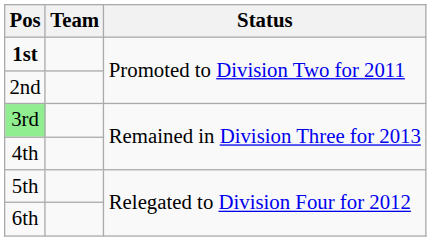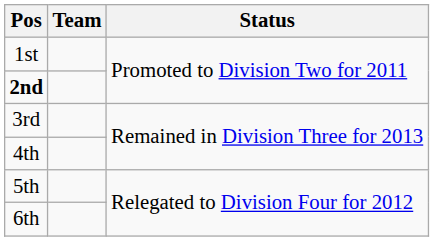 <table class="wikitable">
 <tr>
 <th>Pos</th>
 <th>Team</th>
 <th>Status</th>
 </tr>
 <tr>
-<td align="center"><strong>1st</strong></td>
+<td align="center">1st</td>
 <td></td>
 <td rowspan=2>Promoted to <a href='#'>Division Two for 2011</a></td>
 </tr>
 <tr>
-<td align="center">2nd</td>
+<td align="center"><strong>2nd</strong></td>
 <td></td>
 </tr>
 <tr>
-<td align="center" style="background: lightgreen;">3rd</td>
+<td align="center">3rd</td>
 <td></td>
 <td rowspan=2>Remained in <a href='#'>Division Three for 2013</a></td>
 </tr>
 <tr>
 <td align="center">4th</td>
 <td></td>
 </tr>
 <tr>
 <td align="center">5th</td>
 <td></td>
 <td rowspan=2>Relegated to <a href='#'>Division Four for 2012</a></td>
 </tr>
 <tr>
 <td align="center">6th</td>
 <td></td>
 </tr>
 </table>
